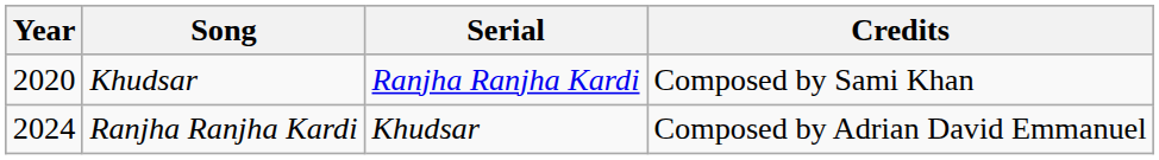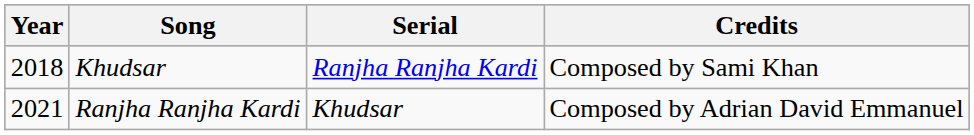 <table class="wikitable">
 <tr>
 <th>Year</th>
 <th>Song</th>
 <th>Serial</th>
 <th>Credits</th>
 </tr>
 <tr>
-<td>2020</td>
+<td>2018</td>
 <td><em>Khudsar</em></td>
 <td><em><a href='#'>Ranjha Ranjha Kardi</a></em></td>
 <td>Composed by Sami Khan</td>
 </tr>
 <tr>
-<td>2024</td>
+<td>2021</td>
 <td><em>Ranjha Ranjha Kardi</em></td>
 <td><em>Khudsar</em></td>
 <td>Composed by Adrian David Emmanuel</td>
 </tr>
 </table>
